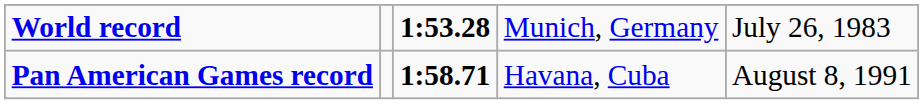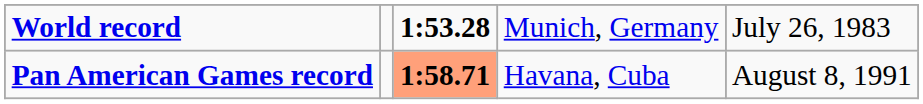 <table class="wikitable">
 <tr>
 <td><strong><a href='#'>World record</a></strong></td>
 <td></td>
 <td><strong>1:53.28</strong></td>
 <td><a href='#'>Munich</a>, <a href='#'>Germany</a></td>
 <td>July 26, 1983</td>
 </tr>
 <tr>
 <td><strong><a href='#'>Pan American Games record</a></strong></td>
 <td></td>
-<td><strong>1:58.71</strong></td>
+<td style="background: lightsalmon;"><strong>1:58.71</strong></td>
 <td><a href='#'>Havana</a>, <a href='#'>Cuba</a></td>
 <td>August 8, 1991</td>
 </tr>
 </table>
